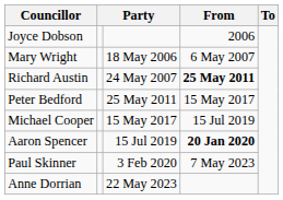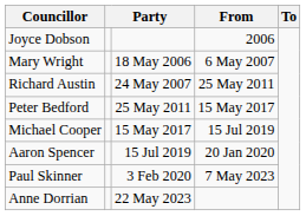 <table class=wikitable>
 <tr>
 <th>Councillor</th>
 <th colspan=2>Party</th>
 <th>From</th>
 <th>To</th>
 </tr>
 <tr>
 <td>Joyce Dobson</td>
 <td></td>
 <td align=right></td>
 <td align=right>2006</td>
 </tr>
 <tr>
 <td>Mary Wright</td>
 <td></td>
 <td align=right>18 May 2006</td>
 <td align=right>6 May 2007</td>
 </tr>
 <tr>
 <td>Richard Austin</td>
 <td></td>
 <td align=right>24 May 2007</td>
-<td align=right><strong>25 May 2011</strong></td>
+<td align=right>25 May 2011</td>
 </tr>
 <tr>
 <td>Peter Bedford</td>
 <td></td>
 <td align=right>25 May 2011</td>
 <td align=right>15 May 2017</td>
 </tr>
 <tr>
 <td>Michael Cooper</td>
 <td></td>
 <td align=right>15 May 2017</td>
 <td align=right>15 Jul 2019</td>
 </tr>
 <tr>
 <td>Aaron Spencer</td>
 <td></td>
 <td align=right>15 Jul 2019</td>
-<td align=right><strong>20 Jan 2020</strong></td>
+<td align=right>20 Jan 2020</td>
 </tr>
 <tr>
 <td>Paul Skinner</td>
 <td></td>
 <td align=right>3 Feb 2020</td>
 <td align=right>7 May 2023</td>
 </tr>
 <tr>
 <td>Anne Dorrian</td>
 <td></td>
 <td align=right>22 May 2023</td>
 <td align=right></td>
 </tr>
 </table>
